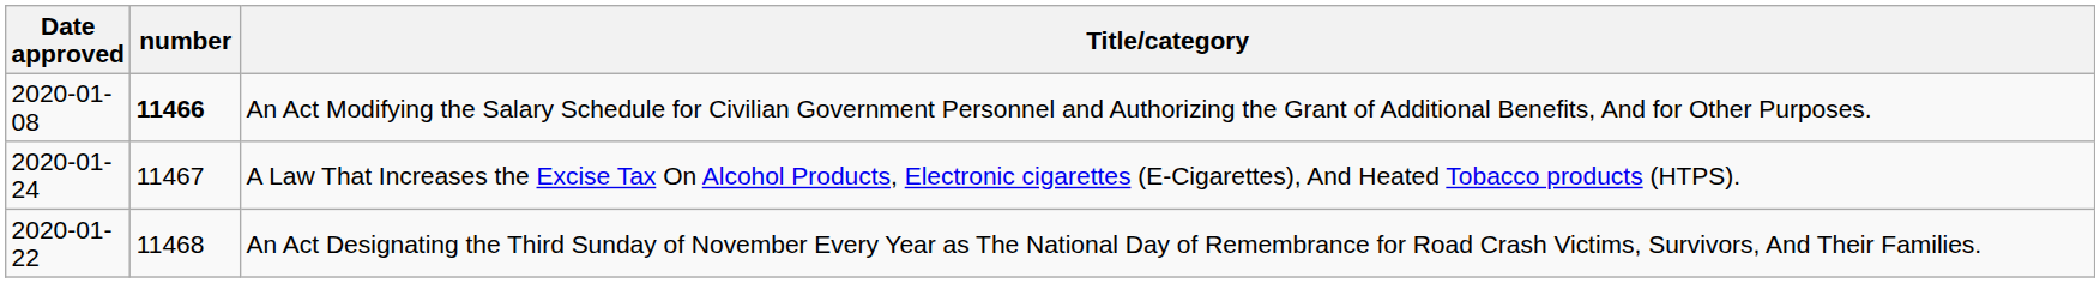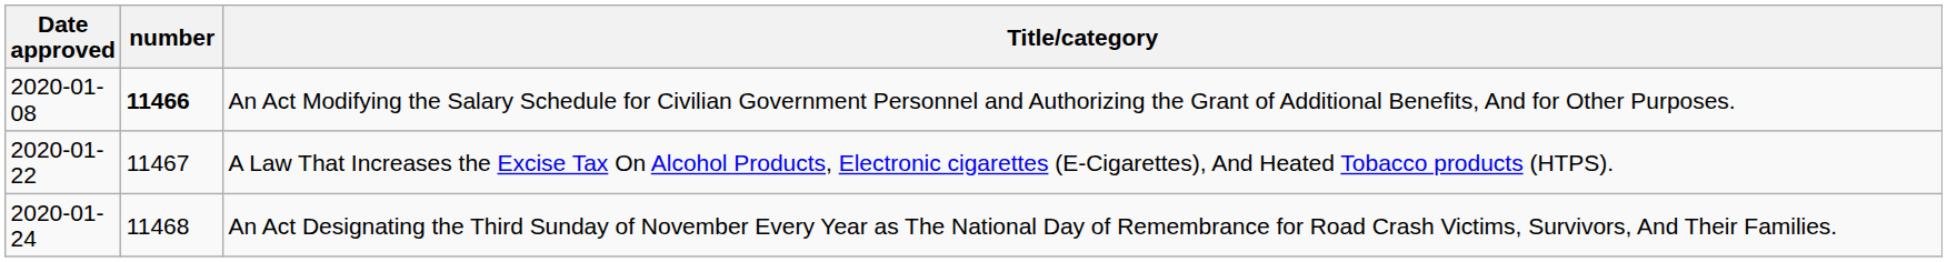 <table class="wikitable sortable collapsible collapsed plainrowheaders" style="width: 100%; font-size: 95%">
 <tr>
 <th scope="col" data-sort-type="isoDate" style="width:  50px;">Date approved</th>
 <th scope="col"> number</th>
 <th scope="col">Title/category</th>
 </tr>
 <tr>
 <td>2020-01-08</td>
 <td><strong>11466</strong></td>
 <td>An Act Modifying the Salary Schedule for Civilian Government Personnel and Authorizing the Grant of Additional Benefits, And for Other Purposes.</td>
 </tr>
 <tr>
-<td>2020-01-24</td>
+<td>2020-01-22</td>
 <td>11467</td>
 <td>A Law That Increases the <a href='#'>Excise Tax</a> On <a href='#'>Alcohol Products</a>, <a href='#'>Electronic cigarettes</a> (E-Cigarettes), And Heated <a href='#'>Tobacco products</a> (HTPS).</td>
 </tr>
 <tr>
-<td>2020-01-22</td>
+<td>2020-01-24</td>
 <td>11468</td>
 <td>An Act Designating the Third Sunday of November Every Year as The National Day of Remembrance for Road Crash Victims, Survivors, And Their Families.</td>
 </tr>
 </table>
